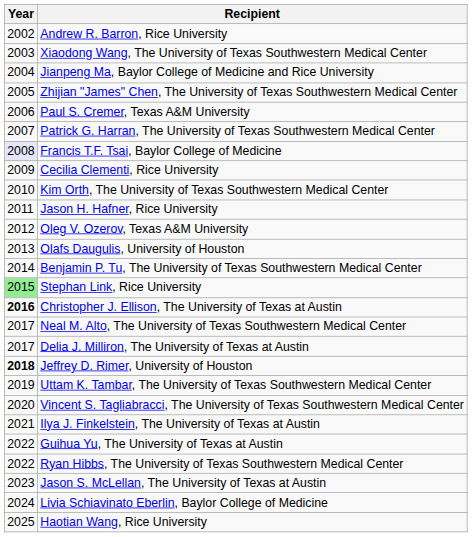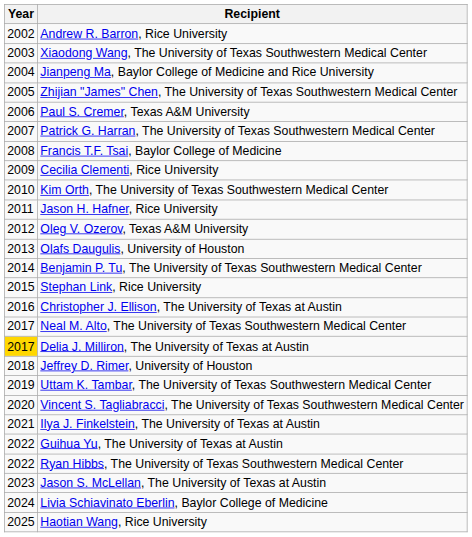 <table class="wikitable">
 <tr>
 <th>Year</th>
 <th>Recipient</th>
 </tr>
 <tr>
 <td>2002</td>
 <td><a href='#'>Andrew R. Barron</a>, Rice University</td>
 </tr>
 <tr>
 <td>2003</td>
 <td><a href='#'>Xiaodong Wang</a>, The University of Texas Southwestern Medical Center</td>
 </tr>
 <tr>
 <td>2004</td>
 <td><a href='#'>Jianpeng Ma</a>, Baylor College of Medicine and Rice University</td>
 </tr>
 <tr>
 <td>2005</td>
 <td><a href='#'>Zhijian "James" Chen</a>, The University of Texas Southwestern Medical Center</td>
 </tr>
 <tr>
 <td>2006</td>
 <td><a href='#'>Paul S. Cremer</a>, Texas A&M University</td>
 </tr>
 <tr>
 <td>2007</td>
 <td><a href='#'>Patrick G. Harran</a>, The University of Texas Southwestern Medical Center</td>
 </tr>
 <tr>
-<td style="background: lavender;">2008</td>
+<td>2008</td>
 <td><a href='#'>Francis T.F. Tsai</a>, Baylor College of Medicine</td>
 </tr>
 <tr>
 <td>2009</td>
 <td><a href='#'>Cecilia Clementi</a>, Rice University</td>
 </tr>
 <tr>
 <td>2010</td>
 <td><a href='#'>Kim Orth</a>, The University of Texas Southwestern Medical Center</td>
 </tr>
 <tr>
 <td>2011</td>
 <td><a href='#'>Jason H. Hafner</a>, Rice University</td>
 </tr>
 <tr>
 <td>2012</td>
 <td><a href='#'>Oleg V. Ozerov</a>, Texas A&M University</td>
 </tr>
 <tr>
 <td>2013</td>
 <td><a href='#'>Olafs Daugulis</a>, University of Houston</td>
 </tr>
 <tr>
 <td>2014</td>
 <td><a href='#'>Benjamin P. Tu</a>, The University of Texas Southwestern Medical Center</td>
 </tr>
 <tr>
-<td style="background: lightgreen;">2015</td>
+<td>2015</td>
 <td><a href='#'>Stephan Link</a>, Rice University</td>
 </tr>
 <tr>
-<td><strong>2016</strong></td>
+<td>2016</td>
 <td><a href='#'>Christopher J. Ellison</a>, The University of Texas at Austin</td>
 </tr>
 <tr>
 <td>2017</td>
 <td><a href='#'>Neal M. Alto</a>, The University of Texas Southwestern Medical Center</td>
 </tr>
 <tr>
-<td>2017</td>
+<td style="background: gold;">2017</td>
 <td><a href='#'>Delia J. Milliron</a>, The University of Texas at Austin</td>
 </tr>
 <tr>
-<td><strong>2018</strong></td>
+<td>2018</td>
 <td><a href='#'>Jeffrey D. Rimer</a>, University of Houston</td>
 </tr>
 <tr>
 <td>2019</td>
 <td><a href='#'>Uttam K. Tambar</a>, The University of Texas Southwestern Medical Center</td>
 </tr>
 <tr>
 <td>2020</td>
 <td><a href='#'>Vincent S. Tagliabracci</a>, The University of Texas Southwestern Medical Center</td>
 </tr>
 <tr>
 <td>2021</td>
 <td><a href='#'>Ilya J. Finkelstein</a>, The University of Texas at Austin</td>
 </tr>
 <tr>
 <td>2022</td>
 <td><a href='#'>Guihua Yu</a>, The University of Texas at Austin</td>
 </tr>
 <tr>
 <td>2022</td>
 <td><a href='#'>Ryan Hibbs</a>, The University of Texas Southwestern Medical Center</td>
 </tr>
 <tr>
 <td>2023</td>
 <td><a href='#'>Jason S. McLellan</a>, The University of Texas at Austin</td>
 </tr>
 <tr>
 <td>2024</td>
 <td><a href='#'>Livia Schiavinato Eberlin</a>, Baylor College of Medicine</td>
 </tr>
 <tr>
 <td>2025</td>
 <td><a href='#'>Haotian Wang</a>, Rice University</td>
 </tr>
 </table>
